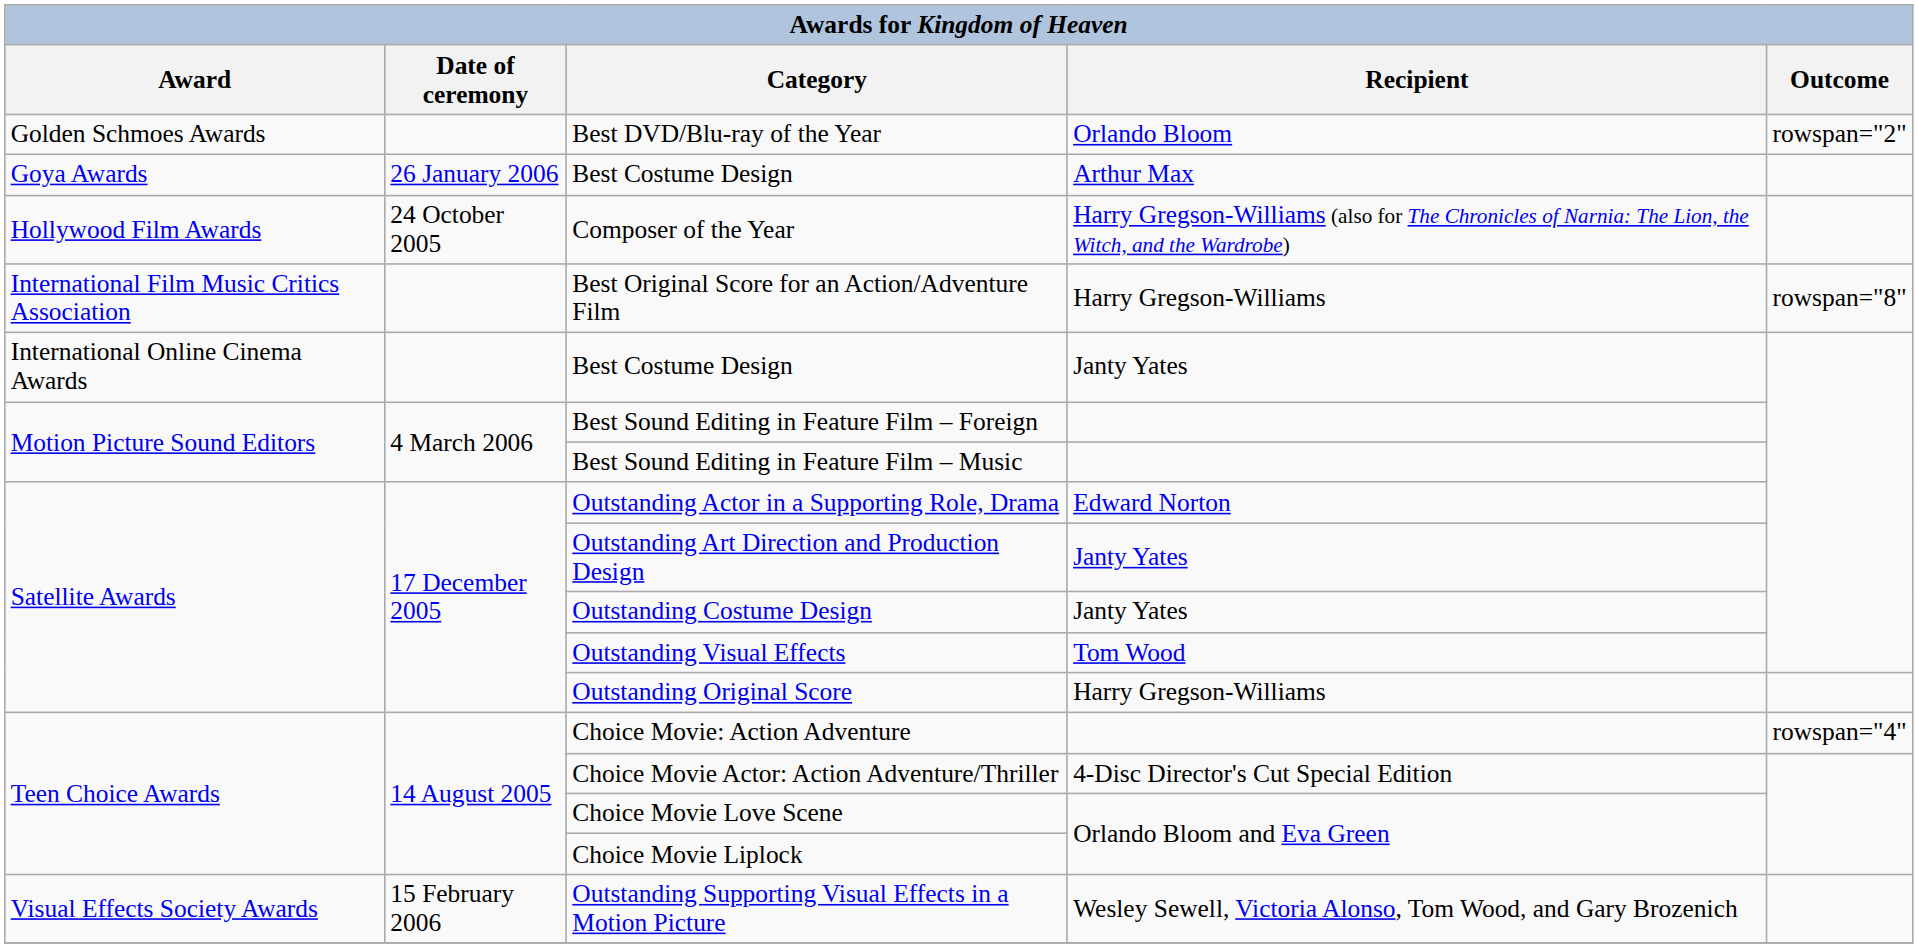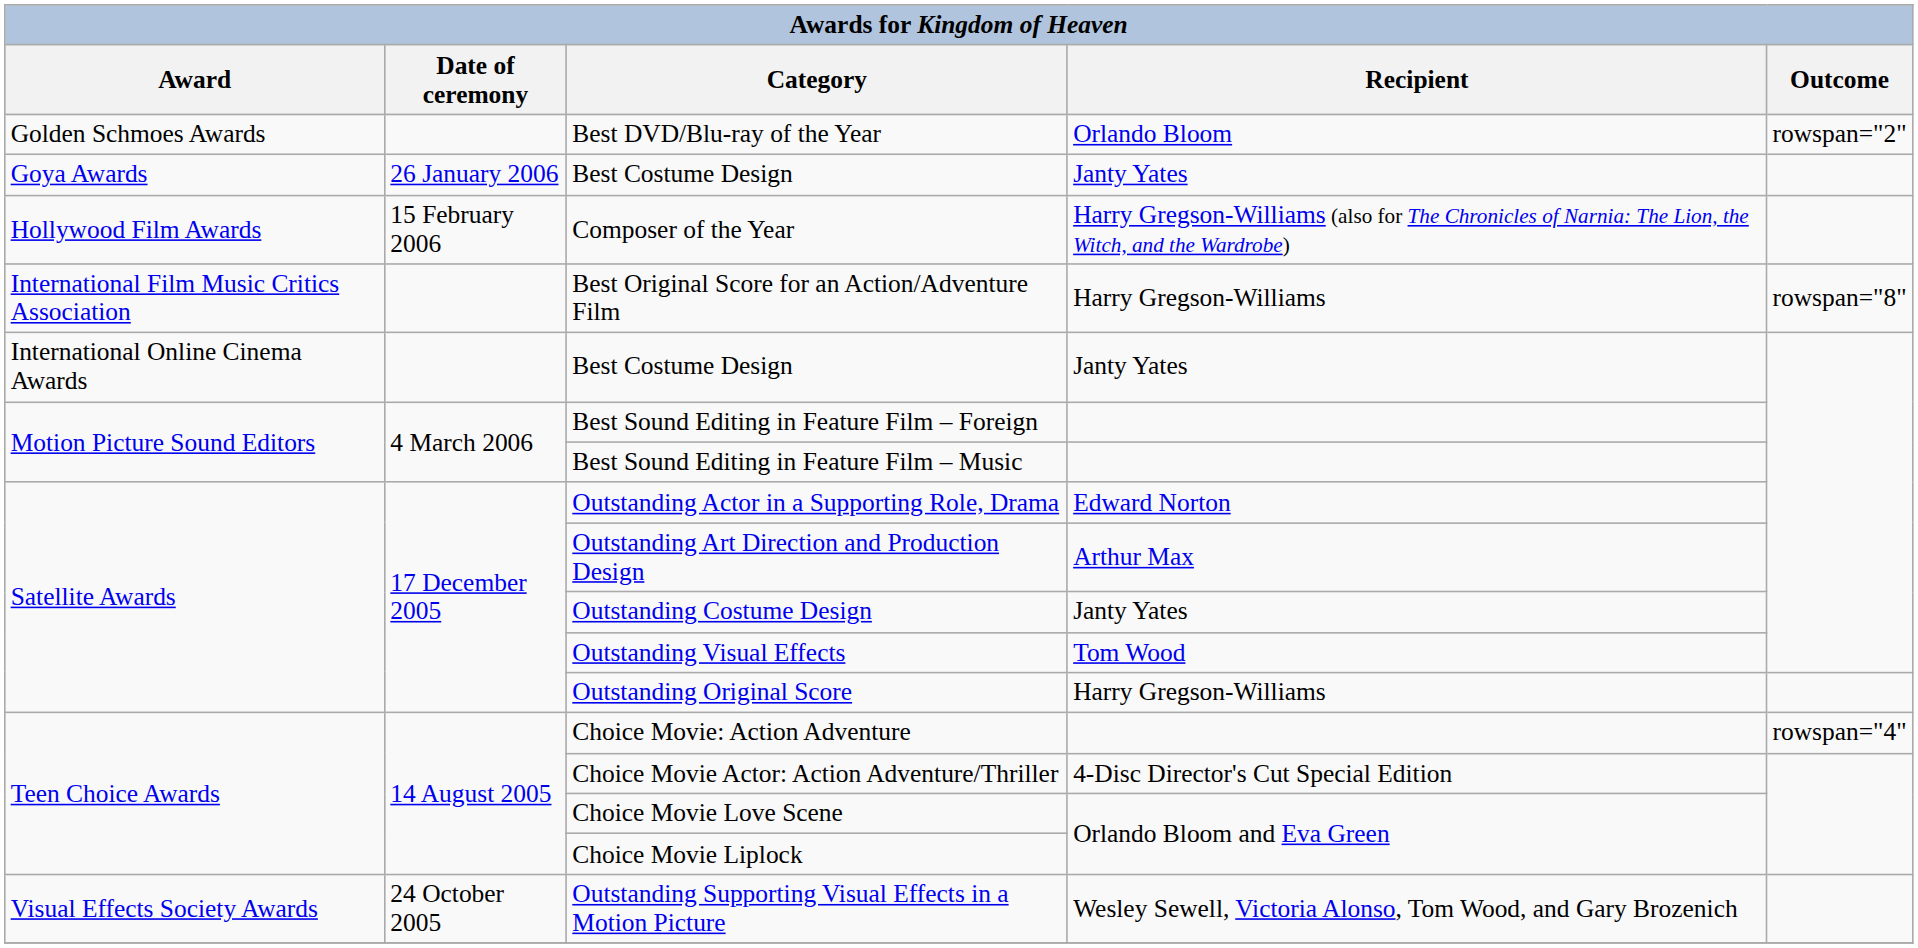 <table class="wikitable" width="95%">
 <tr style="background:#ccc; text-align:center;">
 <th colspan="5" style="background: LightSteelBlue;">Awards for <em>Kingdom of Heaven</em></th>
 </tr>
 <tr style="background:#ccc; text-align:center;">
 <th>Award</th>
 <th>Date of ceremony</th>
 <th>Category</th>
 <th>Recipient</th>
 <th>Outcome</th>
 </tr>
 <tr>
 <td>Golden Schmoes Awards</td>
 <td></td>
 <td>Best DVD/Blu-ray of the Year</td>
 <td><a href='#'>Orlando Bloom</a></td>
 <td>rowspan="2" </td>
 </tr>
 <tr>
 <td><a href='#'>Goya Awards</a></td>
 <td><a href='#'>26 January 2006</a></td>
 <td>Best Costume Design</td>
-<td><a href='#'>Arthur Max</a></td>
+<td><a href='#'>Janty Yates</a></td>
 </tr>
 <tr>
 <td><a href='#'>Hollywood Film Awards</a></td>
-<td>24 October 2005</td>
+<td>15 February 2006</td>
 <td>Composer of the Year</td>
 <td><a href='#'>Harry Gregson-Williams</a><small> (also for <em><a href='#'>The Chronicles of Narnia: The Lion, the Witch, and the Wardrobe</a></em>)</small></td>
 <td></td>
 </tr>
 <tr>
 <td><a href='#'>International Film Music Critics Association</a></td>
 <td></td>
 <td>Best Original Score for an Action/Adventure Film</td>
 <td>Harry Gregson-Williams</td>
 <td>rowspan="8" </td>
 </tr>
 <tr>
 <td>International Online Cinema Awards</td>
 <td></td>
 <td>Best Costume Design</td>
 <td>Janty Yates</td>
 </tr>
 <tr>
 <td rowspan="2"><a href='#'>Motion Picture Sound Editors</a></td>
 <td rowspan="2">4 March 2006</td>
 <td>Best Sound Editing in Feature Film – Foreign</td>
 <td></td>
 </tr>
 <tr>
 <td>Best Sound Editing in Feature Film – Music</td>
 <td></td>
 </tr>
 <tr>
 <td rowspan="5"><a href='#'>Satellite Awards</a></td>
 <td rowspan="5"><a href='#'>17 December 2005</a></td>
 <td><a href='#'>Outstanding Actor in a Supporting Role, Drama</a></td>
 <td><a href='#'>Edward Norton</a></td>
 </tr>
 <tr>
 <td><a href='#'>Outstanding Art Direction and Production Design</a></td>
-<td><a href='#'>Janty Yates</a></td>
+<td><a href='#'>Arthur Max</a></td>
 </tr>
 <tr>
 <td><a href='#'>Outstanding Costume Design</a></td>
 <td>Janty Yates</td>
 </tr>
 <tr>
 <td><a href='#'>Outstanding Visual Effects</a></td>
 <td><a href='#'>Tom Wood</a></td>
 </tr>
 <tr>
 <td><a href='#'>Outstanding Original Score</a></td>
 <td>Harry Gregson-Williams</td>
 <td></td>
 </tr>
 <tr>
 <td rowspan="4"><a href='#'>Teen Choice Awards</a></td>
 <td rowspan="4"><a href='#'>14 August 2005</a></td>
 <td>Choice Movie: Action Adventure</td>
 <td></td>
 <td>rowspan="4" </td>
 </tr>
 <tr>
 <td>Choice Movie Actor: Action Adventure/Thriller</td>
 <td>4-Disc Director's Cut Special Edition</td>
 </tr>
 <tr>
 <td>Choice Movie Love Scene</td>
 <td rowspan="2">Orlando Bloom and <a href='#'>Eva Green</a></td>
 </tr>
 <tr>
 <td>Choice Movie Liplock</td>
 </tr>
 <tr>
 <td><a href='#'>Visual Effects Society Awards</a></td>
-<td>15 February 2006</td>
+<td>24 October 2005</td>
 <td><a href='#'>Outstanding Supporting Visual Effects in a Motion Picture</a></td>
 <td>Wesley Sewell, <a href='#'>Victoria Alonso</a>, Tom Wood, and Gary Brozenich</td>
 <td></td>
 </tr>
 <tr>
 </tr>
 </table>
